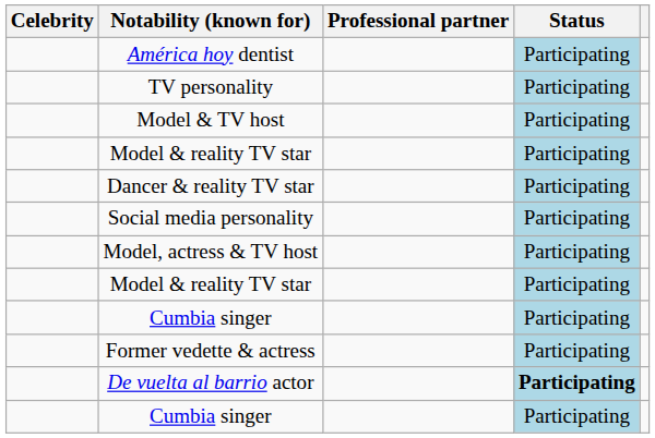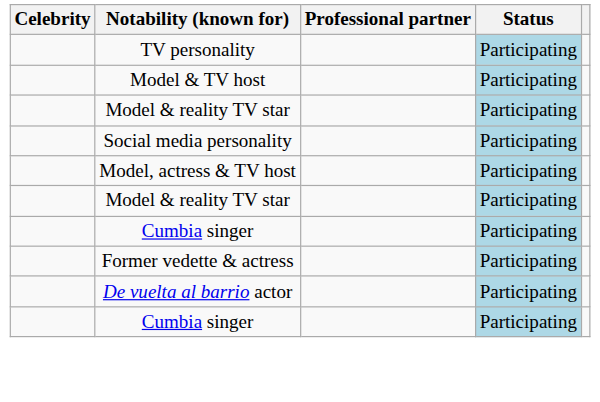 <table class= "wikitable sortable" style="text-align:center; margin:auto; align:center">
 <tr>
 <th scope="col">Celebrity</th>
 <th scope="col" class="unsortable">Notability (known for)</th>
 <th scope="col">Professional partner</th>
 <th scope="col">Status</th>
 <th scope="col" class="unsortable"></th>
-</tr>
-<tr>
-<td></td>
-<td><em><a href='#'>América hoy</a></em> dentist</td>
-<td></td>
-<td style="background:lightblue">Participating</td>
-<td></td>
 </tr>
 <tr>
 <td></td>
 <td>TV personality</td>
 <td></td>
 <td style="background:lightblue">Participating</td>
 <td></td>
 </tr>
 <tr>
 <td></td>
 <td>Model & TV host</td>
 <td></td>
 <td style="background:lightblue">Participating</td>
 <td></td>
 </tr>
 <tr>
 <td></td>
 <td>Model & reality TV star</td>
-<td></td>
-<td style="background:lightblue">Participating</td>
-<td></td>
-</tr>
-<tr>
-<td></td>
-<td>Dancer & reality TV star</td>
 <td></td>
 <td style="background:lightblue">Participating</td>
 <td></td>
 </tr>
 <tr>
 <td></td>
 <td>Social media personality</td>
 <td></td>
 <td style="background:lightblue">Participating</td>
 <td></td>
 </tr>
 <tr>
 <td></td>
 <td>Model, actress & TV host</td>
 <td></td>
 <td style="background:lightblue">Participating</td>
 <td></td>
 </tr>
 <tr>
 <td></td>
 <td>Model & reality TV star</td>
 <td></td>
 <td style="background:lightblue">Participating</td>
 <td></td>
 </tr>
 <tr>
 <td></td>
 <td><a href='#'>Cumbia</a> singer</td>
 <td></td>
 <td style="background:lightblue">Participating</td>
 <td></td>
 </tr>
 <tr>
 <td></td>
 <td>Former vedette & actress</td>
 <td></td>
 <td style="background:lightblue">Participating</td>
 <td></td>
 </tr>
 <tr>
 <td></td>
 <td><em><a href='#'>De vuelta al barrio</a></em> actor</td>
 <td></td>
-<td style="background:lightblue"><strong>Participating</strong></td>
+<td style="background:lightblue">Participating</td>
 <td></td>
 </tr>
 <tr>
 <td></td>
 <td><a href='#'>Cumbia</a> singer</td>
 <td></td>
 <td style="background:lightblue">Participating</td>
 <td></td>
 </tr>
 </table>
